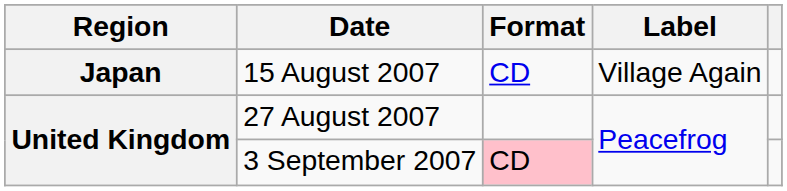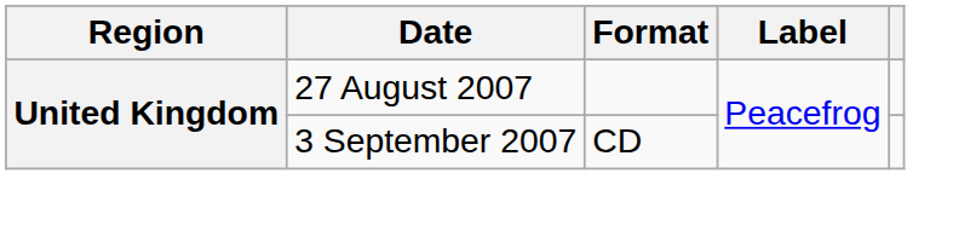 <table class="wikitable plainrowheaders">
 <tr>
 <th scope="col">Region</th>
 <th scope="col">Date</th>
 <th scope="col">Format</th>
 <th scope="col">Label</th>
 <th scope="col"></th>
-</tr>
-<tr>
-<th scope="row">Japan</th>
-<td>15 August 2007</td>
-<td><a href='#'>CD</a></td>
-<td>Village Again</td>
-<td align="center"></td>
 </tr>
 <tr>
 <th scope="row" rowspan="2">United Kingdom</th>
 <td>27 August 2007</td>
 <td></td>
 <td rowspan="2"><a href='#'>Peacefrog</a></td>
 <td align="center"></td>
 </tr>
 <tr>
 <td>3 September 2007</td>
-<td style="background: pink;">CD</td>
+<td>CD</td>
 <td align="center"></td>
 </tr>
 </table>
